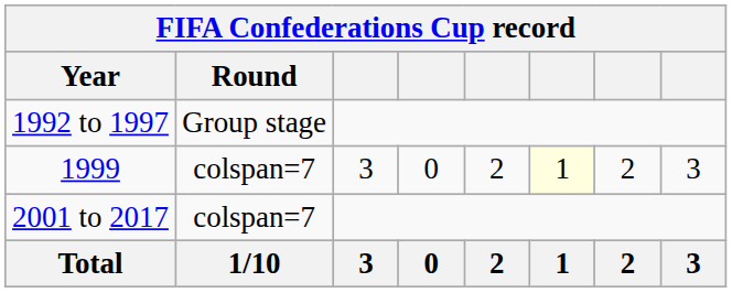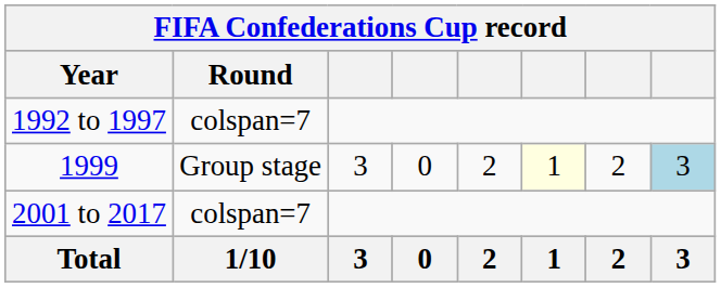 <table class="wikitable" style="text-align:center;">
 <tr>
 <th colspan="8"><a href='#'>FIFA Confederations Cup</a> record</th>
 </tr>
 <tr>
 <th>Year</th>
 <th>Round</th>
 <th width=28></th>
 <th width=28></th>
 <th width=28></th>
 <th width=28></th>
 <th width=28></th>
 <th width=28></th>
 </tr>
 <tr>
 <td><a href='#'>1992</a> to <a href='#'>1997</a></td>
-<td>Group stage</td>
+<td>colspan=7 </td>
 </tr>
 <tr>
 <td><a href='#'>1999</a></td>
-<td>colspan=7 </td>
+<td>Group stage</td>
 <td>3</td>
 <td>0</td>
 <td>2</td>
 <td style="background: lightyellow;">1</td>
 <td>2</td>
-<td>3</td>
+<td style="background: lightblue;">3</td>
 </tr>
 <tr>
 <td><a href='#'>2001</a> to <a href='#'>2017</a></td>
 <td>colspan=7 </td>
 </tr>
 <tr>
 <th>Total</th>
 <th>1/10</th>
 <th>3</th>
 <th>0</th>
 <th>2</th>
 <th>1</th>
 <th>2</th>
 <th>3</th>
 </tr>
 </table>
